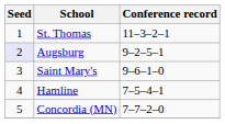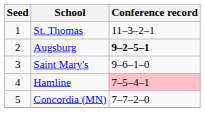 <table class="wikitable">
 <tr>
 <th>Seed</th>
 <th>School</th>
 <th>Conference record</th>
 </tr>
 <tr>
 <td align=center>1</td>
 <td><a href='#'>St. Thomas</a></td>
 <td>11–3–2–1</td>
 </tr>
 <tr>
-<td align=center style="background: lavender;">2</td>
+<td align=center>2</td>
 <td><a href='#'>Augsburg</a></td>
-<td>9–2–5–1</td>
+<td><strong>9–2–5–1</strong></td>
 </tr>
 <tr>
 <td align=center>3</td>
 <td><a href='#'>Saint Mary's</a></td>
 <td>9–6–1–0</td>
 </tr>
 <tr>
 <td align=center>4</td>
 <td><a href='#'>Hamline</a></td>
-<td>7–5–4–1</td>
+<td style="background: pink;">7–5–4–1</td>
 </tr>
 <tr>
 <td align=center>5</td>
 <td><a href='#'>Concordia (MN)</a></td>
 <td>7–7–2–0</td>
 </tr>
 <tr>
 </tr>
 </table>
